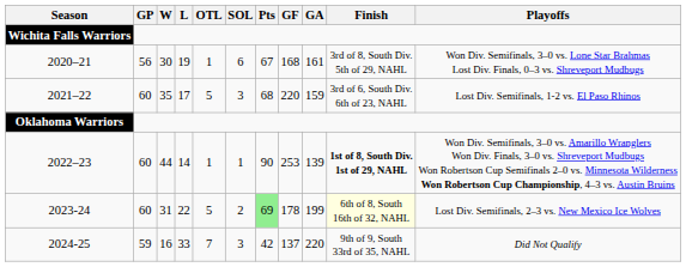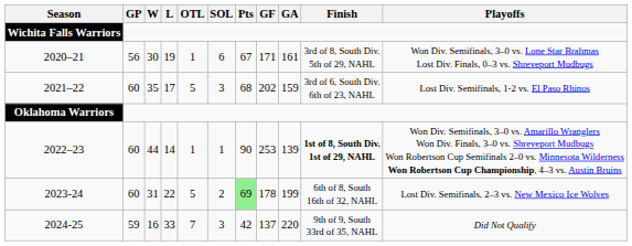 <table class="wikitable" style="text-align:center">
 <tr>
 <th>Season</th>
 <th>GP</th>
 <th>W</th>
 <th>L</th>
 <th>OTL</th>
 <th>SOL</th>
 <th>Pts</th>
 <th>GF</th>
 <th>GA</th>
 <th>Finish</th>
 <th>Playoffs</th>
 </tr>
 <tr align="center">
 <td style="color:white; background:#000000; "><strong>Wichita Falls Warriors</strong></td>
 </tr>
 <tr>
 <td>2020–21</td>
 <td>56</td>
 <td>30</td>
 <td>19</td>
 <td>1</td>
 <td>6</td>
 <td>67</td>
-<td>168</td>
+<td>171</td>
 <td>161</td>
 <td><small>3rd of 8, South Div.<br>5th of 29, NAHL</small></td>
 <td><small>Won Div. Semifinals, 3–0 vs. <a href='#'>Lone Star Brahmas</a><br>Lost Div. Finals, 0–3 vs. <a href='#'>Shreveport Mudbugs</a></small></td>
 </tr>
 <tr>
 <td>2021–22</td>
 <td>60</td>
 <td>35</td>
 <td>17</td>
 <td>5</td>
 <td>3</td>
 <td>68</td>
-<td>220</td>
+<td>202</td>
 <td>159</td>
 <td><small>3rd of 6, South Div.<br>6th of 23, NAHL</small></td>
 <td><small> Lost Div. Semifinals, 1-2 vs. <a href='#'>El Paso Rhinos</a></small></td>
 </tr>
 <tr align="center">
 <td style="color:white; background:#000000; "><strong>Oklahoma Warriors</strong></td>
 </tr>
 <tr>
 <td>2022–23</td>
 <td>60</td>
 <td>44</td>
 <td>14</td>
 <td>1</td>
 <td>1</td>
 <td>90</td>
 <td>253</td>
 <td>139</td>
 <td><small><strong>1st of 8, South Div.<br>1st of 29, NAHL</strong></small></td>
 <td><small> Won Div. Semifinals, 3–0 vs. <a href='#'>Amarillo Wranglers</a><br>Won Div. Finals, 3–0 vs. <a href='#'>Shreveport Mudbugs</a><br>Won Robertson Cup Semifinals 2–0 vs. <a href='#'>Minnesota Wilderness</a><br><strong>Won Robertson Cup Championship</strong>, 4–3 vs. <a href='#'>Austin Bruins</a></small></td>
 </tr>
 <tr>
 <td>2023-24</td>
 <td>60</td>
 <td>31</td>
 <td>22</td>
 <td>5</td>
 <td>2</td>
 <td style="background: lightgreen;">69</td>
 <td>178</td>
 <td>199</td>
-<td style="background: lightyellow;"><small>6th of 8, South<br>16th of 32, NAHL</small></td>
+<td><small>6th of 8, South<br>16th of 32, NAHL</small></td>
 <td><small>Lost Div. Semifinals, 2–3 vs. <a href='#'>New Mexico Ice Wolves</a></small></td>
 </tr>
 <tr>
 <td>2024-25</td>
 <td>59</td>
 <td>16</td>
 <td>33</td>
 <td>7</td>
 <td>3</td>
 <td>42</td>
 <td>137</td>
 <td>220</td>
 <td><small>9th of 9, South<br>33rd of 35, NAHL</small></td>
 <td><small> <em>Did Not Qualify</em></small></td>
 </tr>
 </table>
